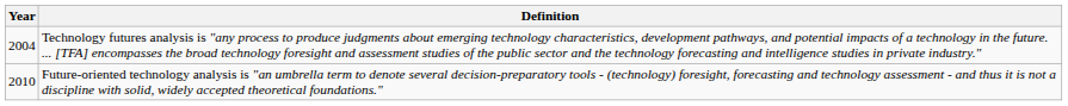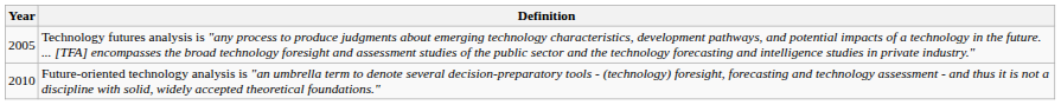 <table class="wikitable sortable">
 <tr>
 <th>Year</th>
 <th>Definition</th>
 </tr>
 <tr>
-<td>2004</td>
+<td>2005</td>
 <td>Technology futures analysis is <em>"any process to produce judgments about emerging technology characteristics, development pathways, and potential impacts of a technology in the future. ... [TFA] encompasses the broad technology foresight and assessment studies of the public sector and the technology forecasting and intelligence studies in private industry."</em></td>
 </tr>
 <tr>
 <td>2010</td>
 <td>Future-oriented technology analysis is <em>"an umbrella term to denote several decision-preparatory tools - (technology) foresight, forecasting and technology assessment - and thus it is not a discipline with solid, widely accepted theoretical foundations."</em></td>
 </tr>
 </table>
